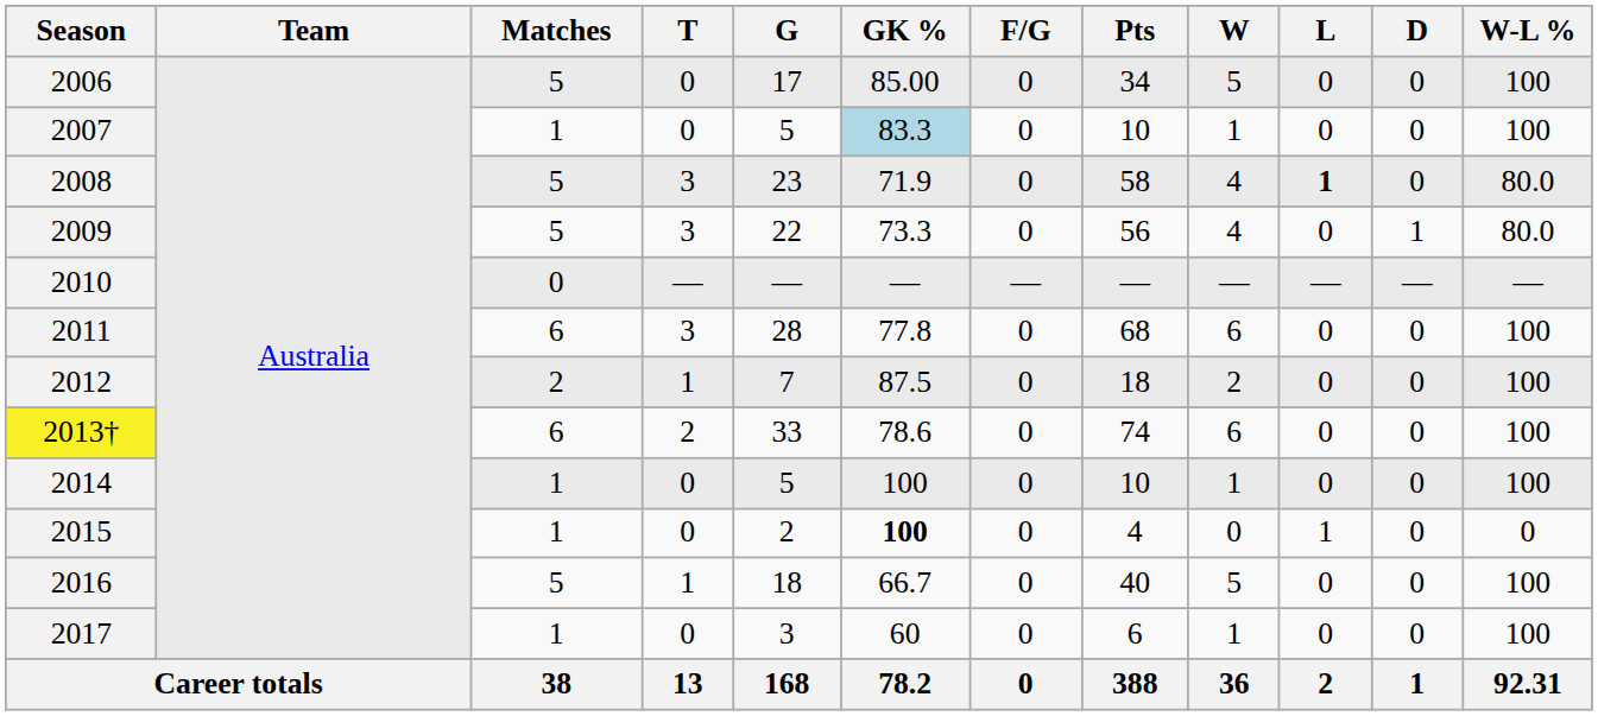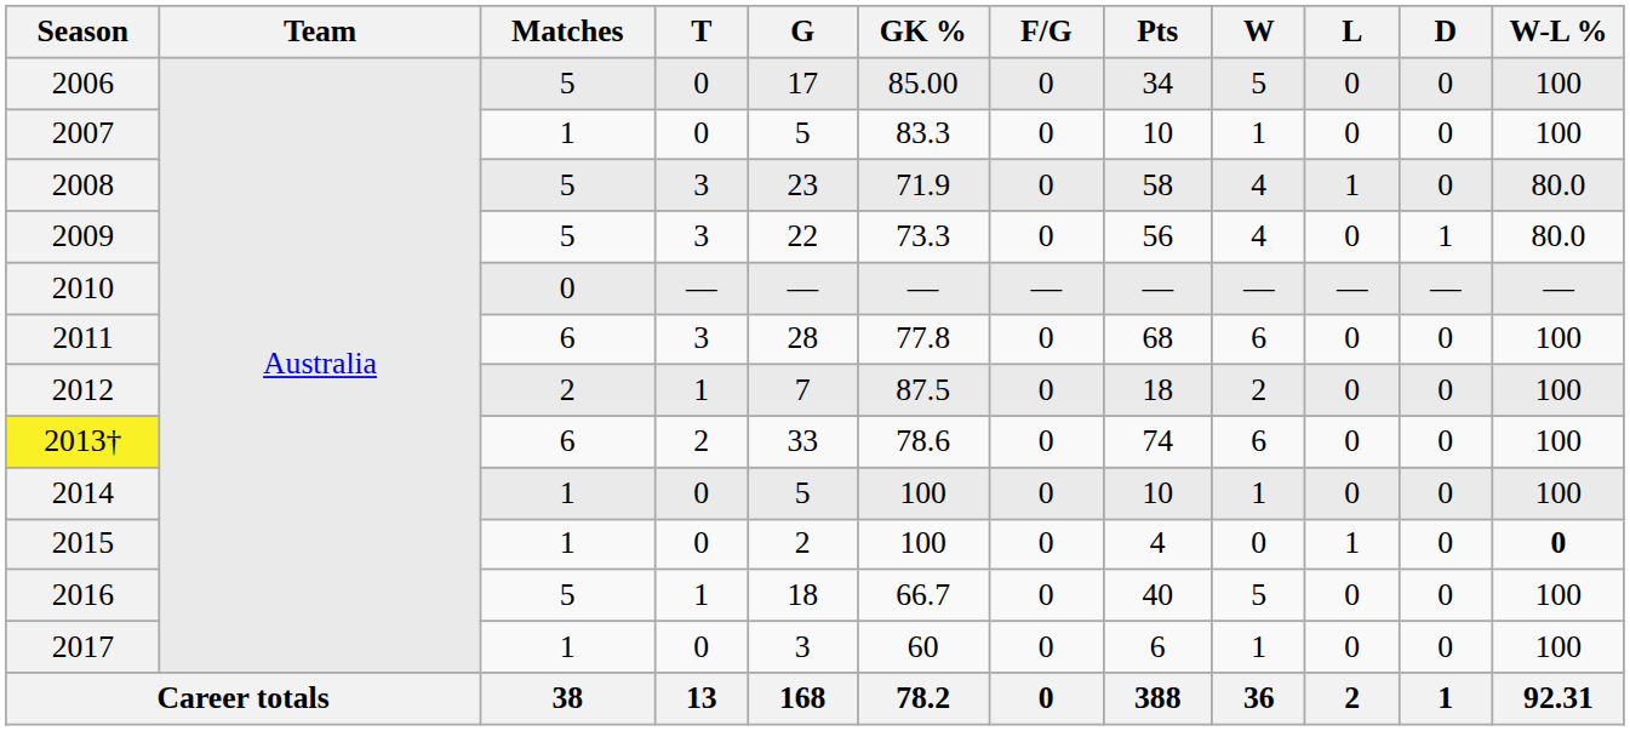 <table class="wikitable sortable"  style="font-size:90%; text-align:center; width:85%;">
 <tr>
 <th width=2%>Season</th>
 <th width=8%>Team</th>
 <th width=2%>Matches</th>
 <th width=2%>T</th>
 <th width=2%>G</th>
 <th width=2%>GK %</th>
 <th width=2%>F/G</th>
 <th width=2%>Pts</th>
 <th width=2%>W</th>
 <th width=2%>L</th>
 <th width=2%>D</th>
 <th width=2%>W-L %</th>
 </tr>
 <tr style="background:#eaeaea;">
 <th scope="row" style="text-align:center; font-weight:normal">2006</th>
 <td rowspan="12" style="text-align:center;"> <a href='#'>Australia</a></td>
 <td>5</td>
 <td>0</td>
 <td>17</td>
 <td>85.00</td>
 <td>0</td>
 <td>34</td>
 <td>5</td>
 <td>0</td>
 <td>0</td>
 <td>100</td>
 </tr>
 <tr>
 <th scope="row" style="text-align:center; font-weight:normal">2007</th>
 <td>1</td>
 <td>0</td>
 <td>5</td>
-<td style="background: lightblue;">83.3</td>
+<td>83.3</td>
 <td>0</td>
 <td>10</td>
 <td>1</td>
 <td>0</td>
 <td>0</td>
 <td>100</td>
 </tr>
 <tr style="background:#eaeaea;">
 <th scope="row" style="text-align:center; font-weight:normal">2008</th>
 <td>5</td>
 <td>3</td>
 <td>23</td>
 <td>71.9</td>
 <td>0</td>
 <td>58</td>
 <td>4</td>
-<td><strong>1</strong></td>
+<td>1</td>
 <td>0</td>
 <td>80.0</td>
 </tr>
 <tr>
 <th scope="row" style="text-align:center; font-weight:normal">2009</th>
 <td>5</td>
 <td>3</td>
 <td>22</td>
 <td>73.3</td>
 <td>0</td>
 <td>56</td>
 <td>4</td>
 <td>0</td>
 <td>1</td>
 <td>80.0</td>
 </tr>
 <tr style="background:#eaeaea;">
 <th scope="row" style="text-align:center; font-weight:normal">2010</th>
 <td>0</td>
 <td>—</td>
 <td>—</td>
 <td>—</td>
 <td>—</td>
 <td>—</td>
 <td>—</td>
 <td>—</td>
 <td>—</td>
 <td>—</td>
 </tr>
 <tr>
 <th scope="row" style="text-align:center; font-weight:normal">2011</th>
 <td>6</td>
 <td>3</td>
 <td>28</td>
 <td>77.8</td>
 <td>0</td>
 <td>68</td>
 <td>6</td>
 <td>0</td>
 <td>0</td>
 <td>100</td>
 </tr>
 <tr style="background:#eaeaea;">
 <th scope="row" style="text-align:center; font-weight:normal">2012</th>
 <td>2</td>
 <td>1</td>
 <td>7</td>
 <td>87.5</td>
 <td>0</td>
 <td>18</td>
 <td>2</td>
 <td>0</td>
 <td>0</td>
 <td>100</td>
 </tr>
 <tr>
 <th scope="row" style="text-align:center; background:#f9f025; font-weight:normal">2013†</th>
 <td>6</td>
 <td>2</td>
 <td>33</td>
 <td>78.6</td>
 <td>0</td>
 <td>74</td>
 <td>6</td>
 <td>0</td>
 <td>0</td>
 <td>100</td>
 </tr>
 <tr style="background:#eaeaea;">
 <th scope="row" style="text-align:center; font-weight:normal">2014</th>
 <td>1</td>
 <td>0</td>
 <td>5</td>
 <td>100</td>
 <td>0</td>
 <td>10</td>
 <td>1</td>
 <td>0</td>
 <td>0</td>
 <td>100</td>
 </tr>
 <tr>
 <th scope="row" style="text-align:center; font-weight:normal">2015</th>
 <td>1</td>
 <td>0</td>
 <td>2</td>
-<td><strong>100</strong></td>
+<td>100</td>
 <td>0</td>
 <td>4</td>
 <td>0</td>
 <td>1</td>
 <td>0</td>
-<td>0</td>
+<td><strong>0</strong></td>
 </tr>
 <tr>
 <th scope="row" style="text-align:center; font-weight:normal">2016</th>
 <td>5</td>
 <td>1</td>
 <td>18</td>
 <td>66.7</td>
 <td>0</td>
 <td>40</td>
 <td>5</td>
 <td>0</td>
 <td>0</td>
 <td>100</td>
 </tr>
 <tr>
 <th scope="row" style="text-align:center; font-weight:normal">2017</th>
 <td>1</td>
 <td>0</td>
 <td>3</td>
 <td>60</td>
 <td>0</td>
 <td>6</td>
 <td>1</td>
 <td>0</td>
 <td>0</td>
 <td>100</td>
 </tr>
 <tr class="sortbottom">
 <th colspan=2>Career totals</th>
 <th>38</th>
 <th>13</th>
 <th>168</th>
 <th>78.2</th>
 <th>0</th>
 <th>388</th>
 <th>36</th>
 <th>2</th>
 <th>1</th>
 <th>92.31</th>
 </tr>
 </table>
